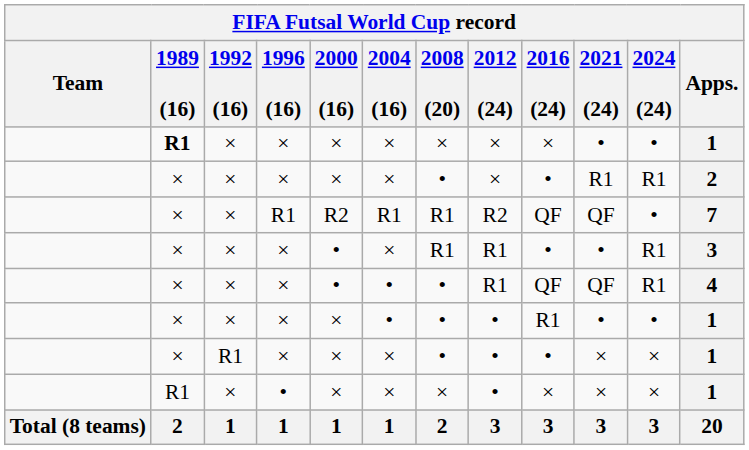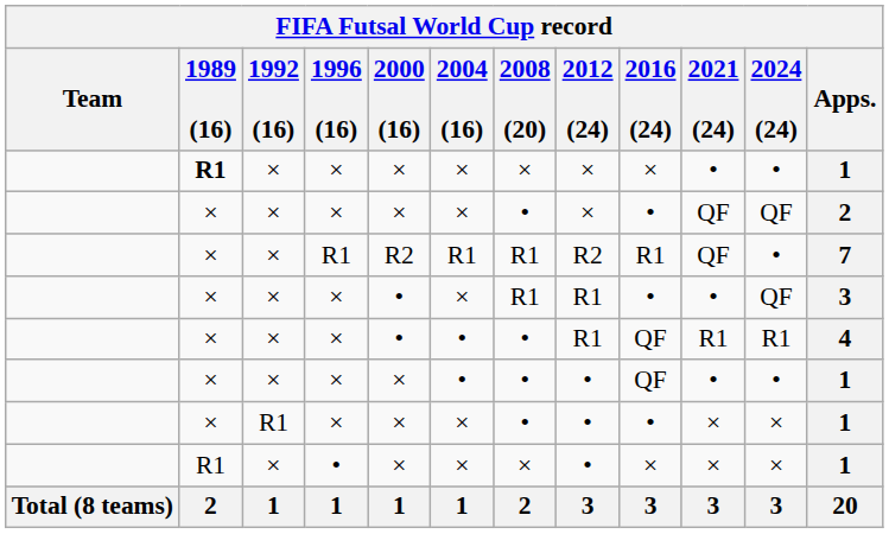 <table class="wikitable" style="text-align:center; font-size:90%">
 <tr>
 <th colspan=12><a href='#'>FIFA Futsal World Cup</a> record</th>
 </tr>
 <tr>
 <th>Team</th>
 <th><a href='#'>1989</a><br><br>(16)</th>
 <th><a href='#'>1992</a><br><br>(16)</th>
 <th><a href='#'>1996</a><br><br>(16)</th>
 <th><a href='#'>2000</a><br><br>(16)</th>
 <th><a href='#'>2004</a><br><br>(16)</th>
 <th><a href='#'>2008</a><br><br>(20)</th>
 <th><a href='#'>2012</a><br><br>(24)</th>
 <th><a href='#'>2016</a><br><br>(24)</th>
 <th><a href='#'>2021</a><br><br>(24)</th>
 <th><a href='#'>2024</a><br><br>(24)</th>
 <th>Apps.</th>
 </tr>
 <tr>
 <td align=left></td>
 <td><strong>R1</strong></td>
 <td>×</td>
 <td>×</td>
 <td>×</td>
 <td>×</td>
 <td>×</td>
 <td>×</td>
 <td>×</td>
 <td>•</td>
 <td>•</td>
 <th>1</th>
 </tr>
 <tr>
 <td align=left></td>
 <td>×</td>
 <td>×</td>
 <td>×</td>
 <td>×</td>
 <td>×</td>
 <td>•</td>
 <td>×</td>
 <td>•</td>
-<td>R1</td>
-<td>R1</td>
+<td>QF</td>
+<td>QF</td>
 <th>2</th>
 </tr>
 <tr>
 <td align=left></td>
 <td>×</td>
 <td>×</td>
 <td>R1</td>
 <td>R2</td>
 <td>R1</td>
 <td>R1</td>
 <td>R2</td>
-<td>QF</td>
+<td>R1</td>
 <td>QF</td>
 <td>•</td>
 <th>7</th>
 </tr>
 <tr>
 <td align=left></td>
 <td>×</td>
 <td>×</td>
 <td>×</td>
 <td>•</td>
 <td>×</td>
 <td>R1</td>
 <td>R1</td>
 <td>•</td>
 <td>•</td>
-<td>R1</td>
+<td>QF</td>
 <th>3</th>
 </tr>
 <tr>
 <td align=left></td>
 <td>×</td>
 <td>×</td>
 <td>×</td>
 <td>•</td>
 <td>•</td>
 <td>•</td>
 <td>R1</td>
 <td>QF</td>
-<td>QF</td>
+<td>R1</td>
 <td>R1</td>
 <th>4</th>
 </tr>
 <tr>
 <td align=left></td>
 <td>×</td>
 <td>×</td>
 <td>×</td>
 <td>×</td>
 <td>•</td>
 <td>•</td>
 <td>•</td>
-<td>R1</td>
+<td>QF</td>
 <td>•</td>
 <td>•</td>
 <th>1</th>
 </tr>
 <tr>
 <td align=left></td>
 <td>×</td>
 <td>R1</td>
 <td>×</td>
 <td>×</td>
 <td>×</td>
 <td>•</td>
 <td>•</td>
 <td>•</td>
 <td>×</td>
 <td>×</td>
 <th>1</th>
 </tr>
 <tr>
 <td align=left></td>
 <td>R1</td>
 <td>×</td>
 <td>•</td>
 <td>×</td>
 <td>×</td>
 <td>×</td>
 <td>•</td>
 <td>×</td>
 <td>×</td>
 <td>×</td>
 <th>1</th>
 </tr>
 <tr>
 <th>Total (8 teams)</th>
 <th>2</th>
 <th>1</th>
 <th>1</th>
 <th>1</th>
 <th>1</th>
 <th>2</th>
 <th>3</th>
 <th>3</th>
 <th>3</th>
 <th>3</th>
 <th>20</th>
 </tr>
 </table>
